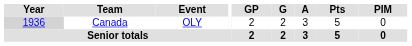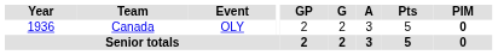 <table border="0" cellpadding="1" cellspacing="0" ID="Table3" style="text-align:center; width:40em">
 <tr bgcolor="#e0e0e0">
 <th>Year</th>
 <th>Team</th>
 <th>Event</th>
 <th rowspan="102" bgcolor="#ffffff"></th>
 <th>GP</th>
 <th>G</th>
 <th>A</th>
 <th>Pts</th>
 <th>PIM</th>
 </tr>
 <tr>
-<td style="background: lightgrey;"><a href='#'>1936</a></td>
+<td><a href='#'>1936</a></td>
 <td><a href='#'>Canada</a></td>
 <td><a href='#'>OLY</a></td>
 <td>2</td>
 <td>2</td>
 <td>3</td>
 <td>5</td>
-<td>0</td>
+<td><strong>0</strong></td>
 </tr>
 <tr bgcolor="#e0e0e0">
 <th colspan="4">Senior totals</th>
 <th>2</th>
 <th>2</th>
 <th>3</th>
 <th>5</th>
 <th>0</th>
 </tr>
 </table>
